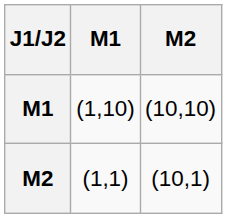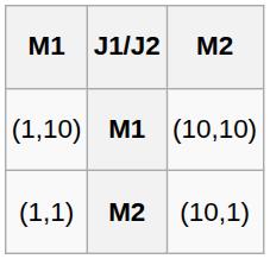 <table class="wikitable" style="text-align:center; width:150px; height:150px" border="1">
 <tr>
+<th>M1</th>
 <th>J1/J2</th>
-<th>M1</th>
 <th>M2</th>
 </tr>
 <tr>
+<td>(1,10)</td>
 <th>M1</th>
-<td>(1,10)</td>
 <td>(10,10)</td>
 </tr>
 <tr>
+<td>(1,1)</td>
 <th>M2</th>
-<td>(1,1)</td>
 <td>(10,1)</td>
 </tr>
 </table>
